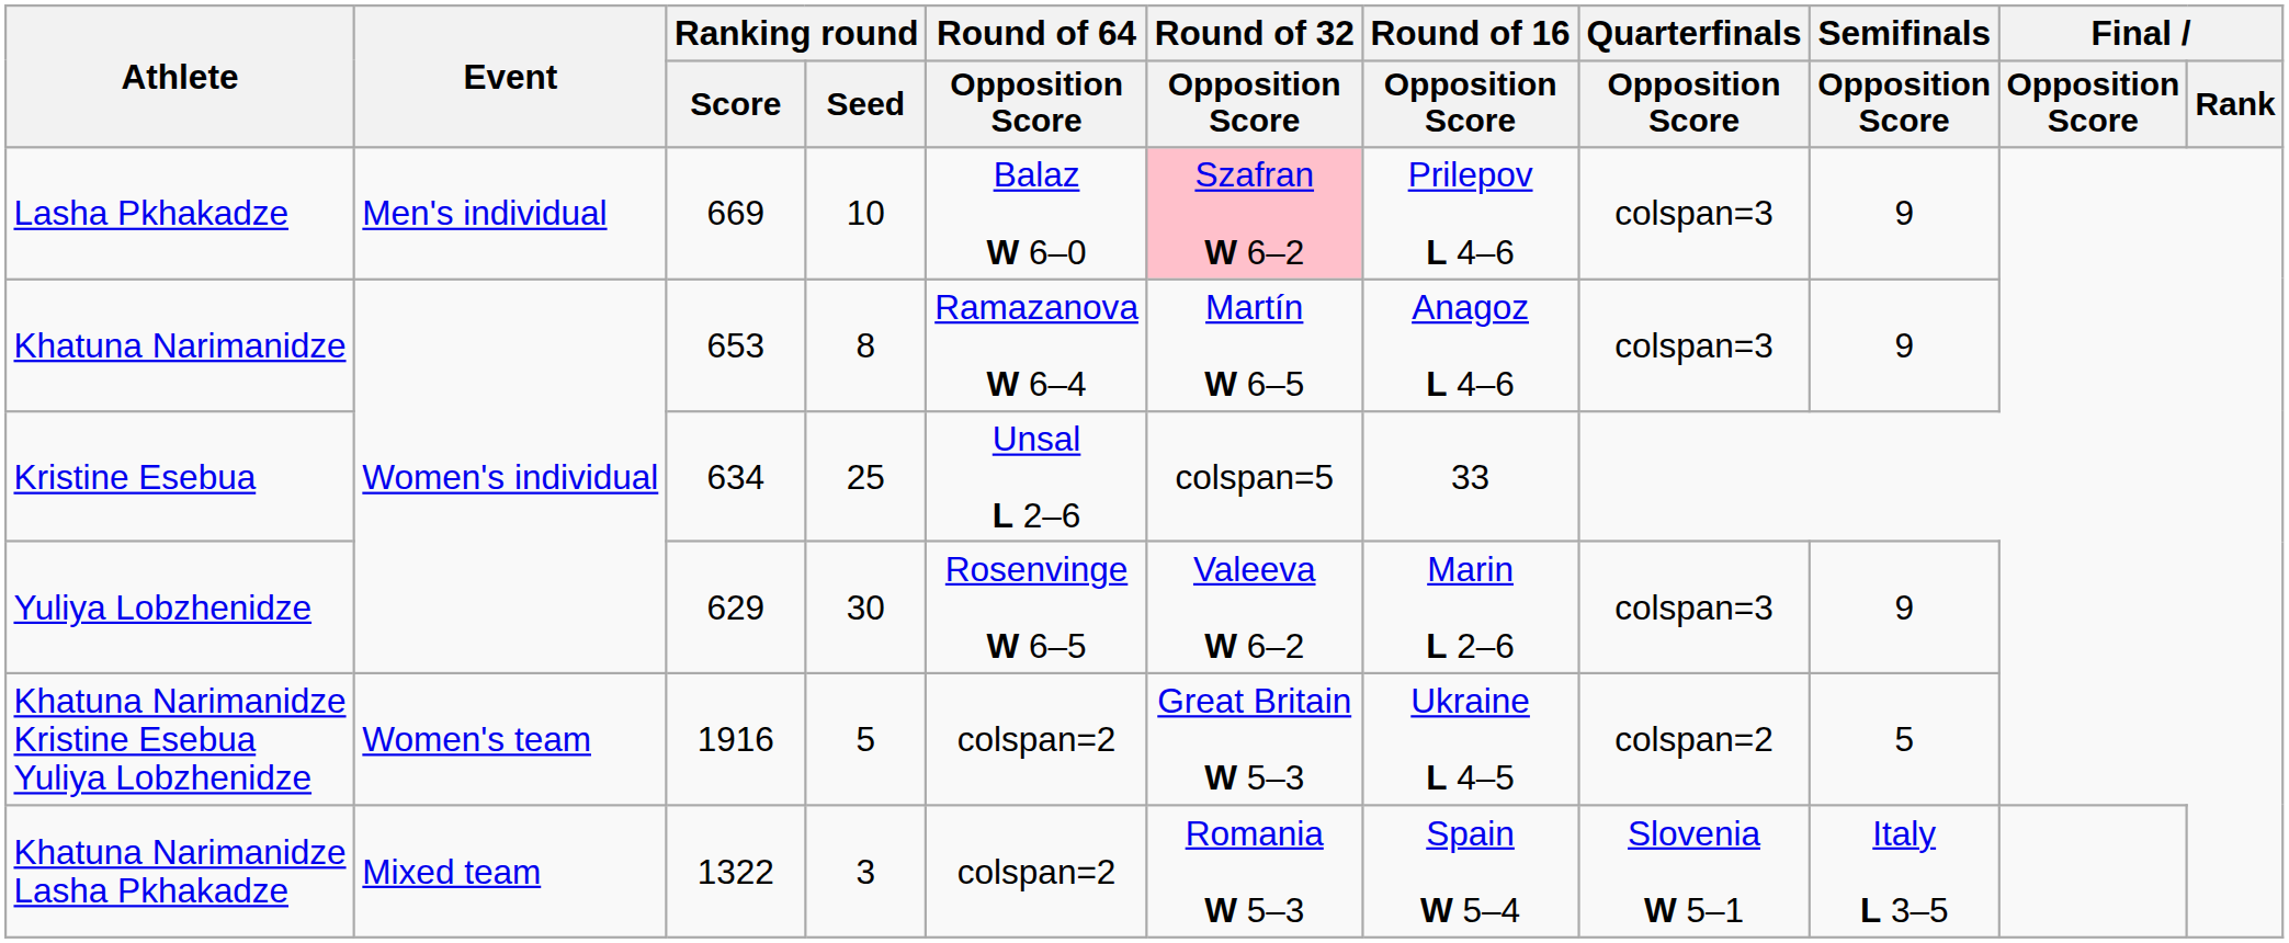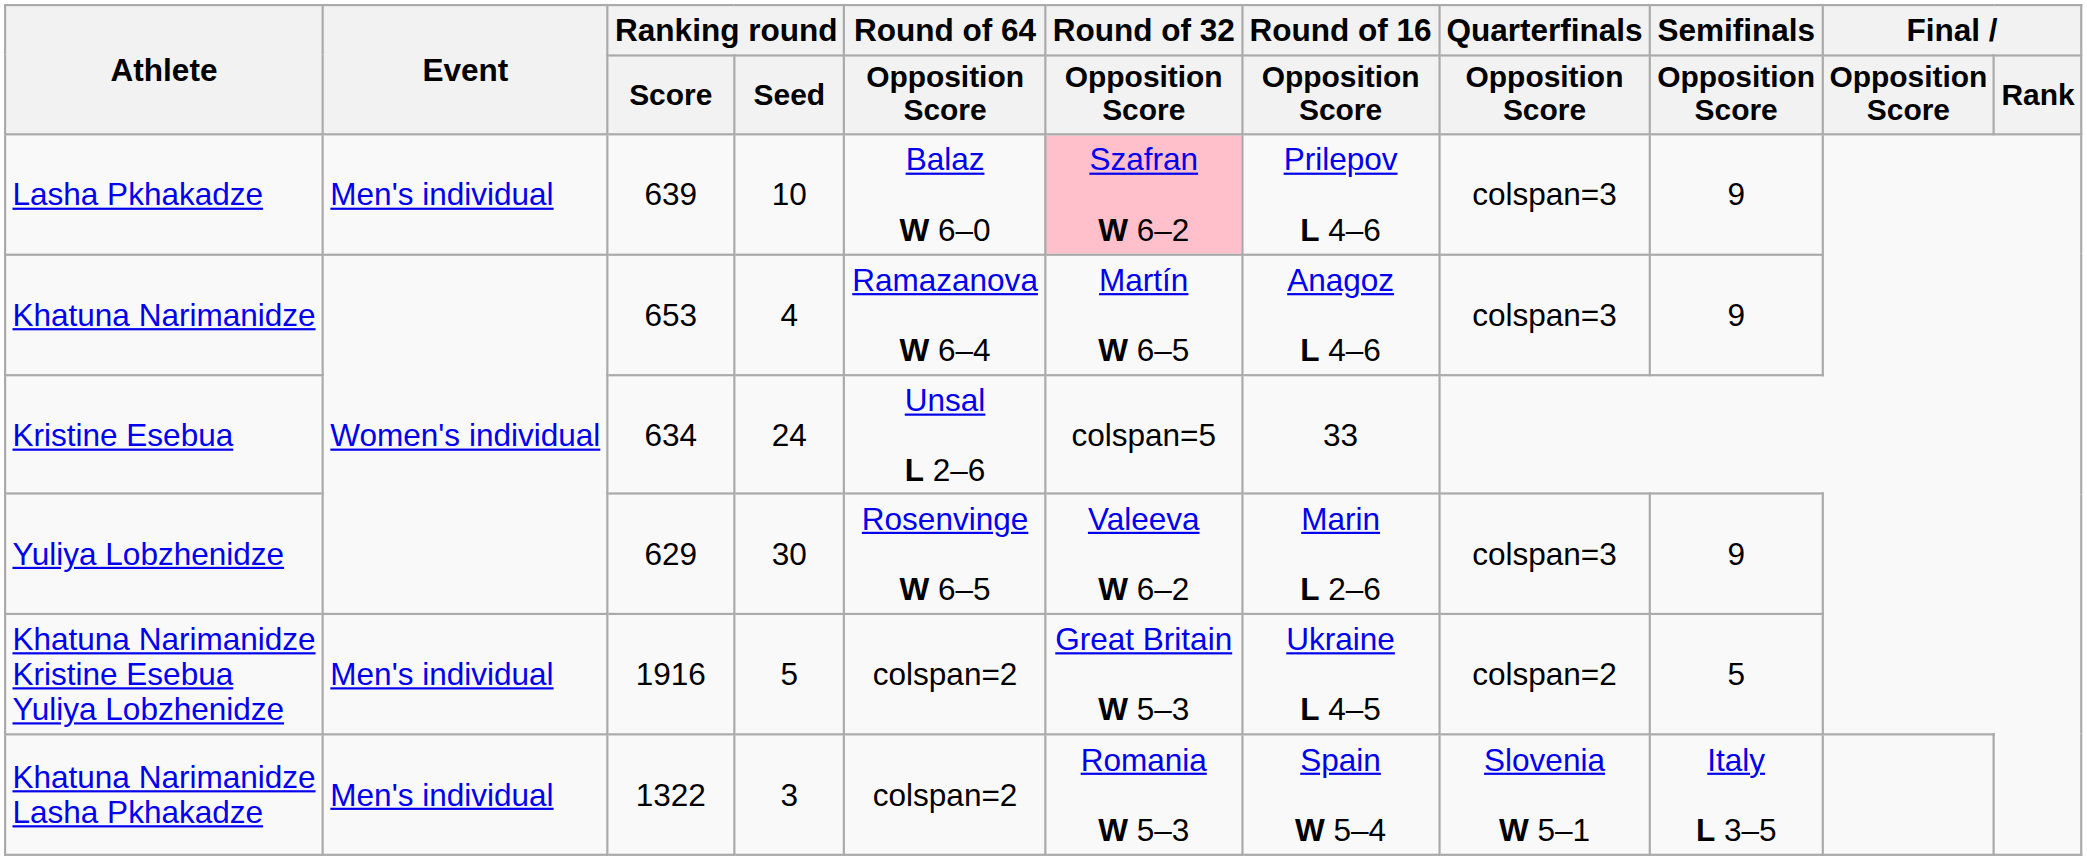 <table class="wikitable" style="font-size:90%">
 <tr>
 <th rowspan=2>Athlete</th>
 <th rowspan=2>Event</th>
 <th colspan=2>Ranking round</th>
 <th>Round of 64</th>
 <th>Round of 32</th>
 <th>Round of 16</th>
 <th>Quarterfinals</th>
 <th>Semifinals</th>
 <th colspan=2>Final / </th>
 </tr>
 <tr style="font-size:95%">
 <th>Score</th>
 <th>Seed</th>
 <th>Opposition<br>Score</th>
 <th>Opposition<br>Score</th>
 <th>Opposition<br>Score</th>
 <th>Opposition<br>Score</th>
 <th>Opposition<br>Score</th>
 <th>Opposition<br>Score</th>
 <th>Rank</th>
 </tr>
 <tr align=center>
 <td align=left><a href='#'>Lasha Pkhakadze</a></td>
 <td align=left><a href='#'>Men's individual</a></td>
-<td>669</td>
+<td>639</td>
 <td>10</td>
 <td><a href='#'>Balaz</a><br><br><strong>W</strong> 6–0</td>
 <td style="background: pink;"><a href='#'>Szafran</a><br><br><strong>W</strong> 6–2</td>
 <td><a href='#'>Prilepov</a><br><br><strong>L</strong> 4–6</td>
 <td>colspan=3 </td>
 <td>9</td>
 </tr>
 <tr align=center>
 <td align=left><a href='#'>Khatuna Narimanidze</a></td>
 <td style="text-align:left;" rowspan="3"><a href='#'>Women's individual</a></td>
 <td>653</td>
-<td>8</td>
+<td>4</td>
 <td><a href='#'>Ramazanova</a><br><br> <strong>W</strong> 6–4</td>
 <td><a href='#'>Martín</a><br><br> <strong>W</strong> 6–5</td>
 <td><a href='#'>Anagoz</a><br><br> <strong>L</strong> 4–6</td>
 <td>colspan=3 </td>
 <td>9</td>
 </tr>
 <tr align=center>
 <td align=left><a href='#'>Kristine Esebua</a></td>
 <td>634</td>
-<td>25</td>
+<td>24</td>
 <td><a href='#'>Unsal</a><br><br> <strong>L</strong> 2–6</td>
 <td>colspan=5 </td>
 <td>33</td>
 </tr>
 <tr align=center>
 <td align=left><a href='#'>Yuliya Lobzhenidze</a></td>
 <td>629</td>
 <td>30</td>
 <td><a href='#'>Rosenvinge</a><br><br><strong>W</strong> 6–5</td>
 <td><a href='#'>Valeeva</a><br><br><strong>W</strong> 6–2</td>
 <td><a href='#'>Marin</a><br><br> <strong>L</strong> 2–6</td>
 <td>colspan=3 </td>
 <td>9</td>
 </tr>
 <tr align=center>
 <td align=left><a href='#'>Khatuna Narimanidze</a><br><a href='#'>Kristine Esebua</a><br><a href='#'>Yuliya Lobzhenidze</a></td>
-<td align=left><a href='#'>Women's team</a></td>
+<td align=left><a href='#'>Men's individual</a></td>
 <td>1916</td>
 <td>5</td>
 <td>colspan=2 </td>
 <td><a href='#'>Great Britain</a><br><br> <strong>W</strong> 5–3</td>
 <td><a href='#'>Ukraine</a><br><br> <strong>L</strong> 4–5</td>
 <td>colspan=2 </td>
 <td>5</td>
 </tr>
 <tr align=center>
 <td align=left><a href='#'>Khatuna Narimanidze</a><br><a href='#'>Lasha Pkhakadze</a></td>
-<td align=left><a href='#'>Mixed team</a></td>
+<td align=left><a href='#'>Men's individual</a></td>
 <td>1322</td>
 <td>3</td>
 <td>colspan=2 </td>
 <td><a href='#'>Romania</a><br><br> <strong>W</strong> 5–3</td>
 <td><a href='#'>Spain</a><br><br> <strong>W</strong> 5–4</td>
 <td><a href='#'>Slovenia</a><br><br> <strong>W</strong> 5–1</td>
 <td><a href='#'>Italy</a><br><br> <strong>L</strong> 3–5</td>
 <td></td>
 </tr>
 </table>
